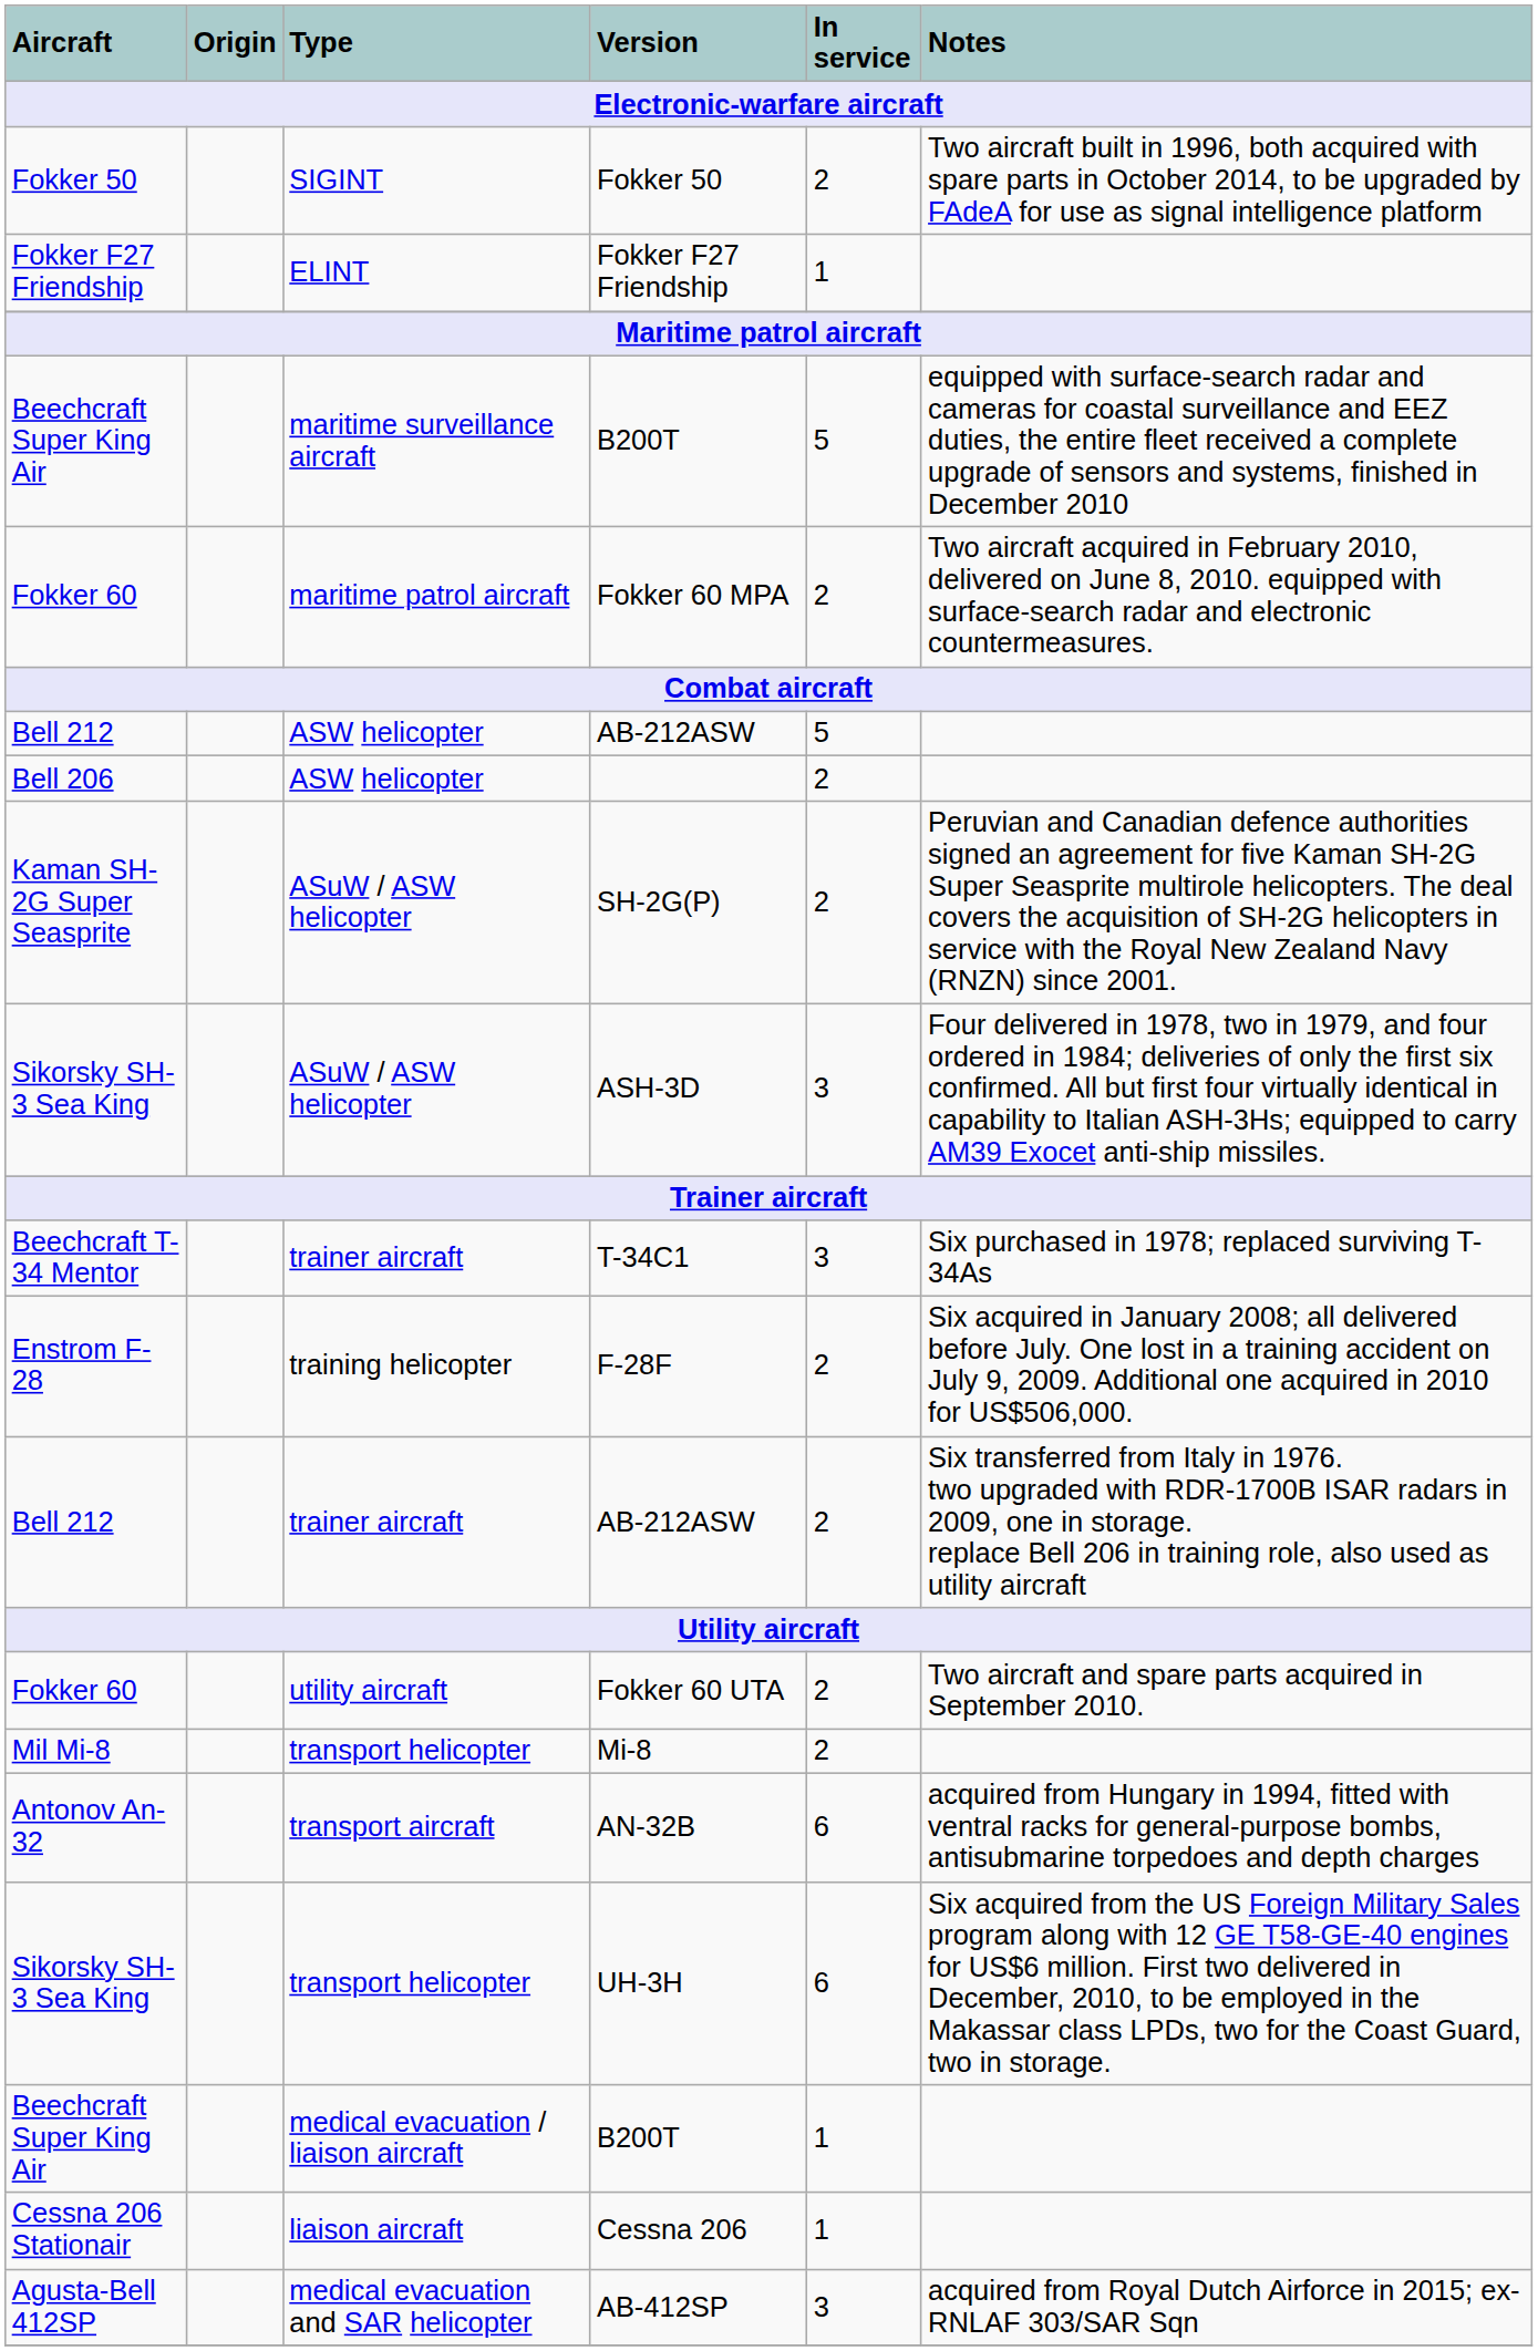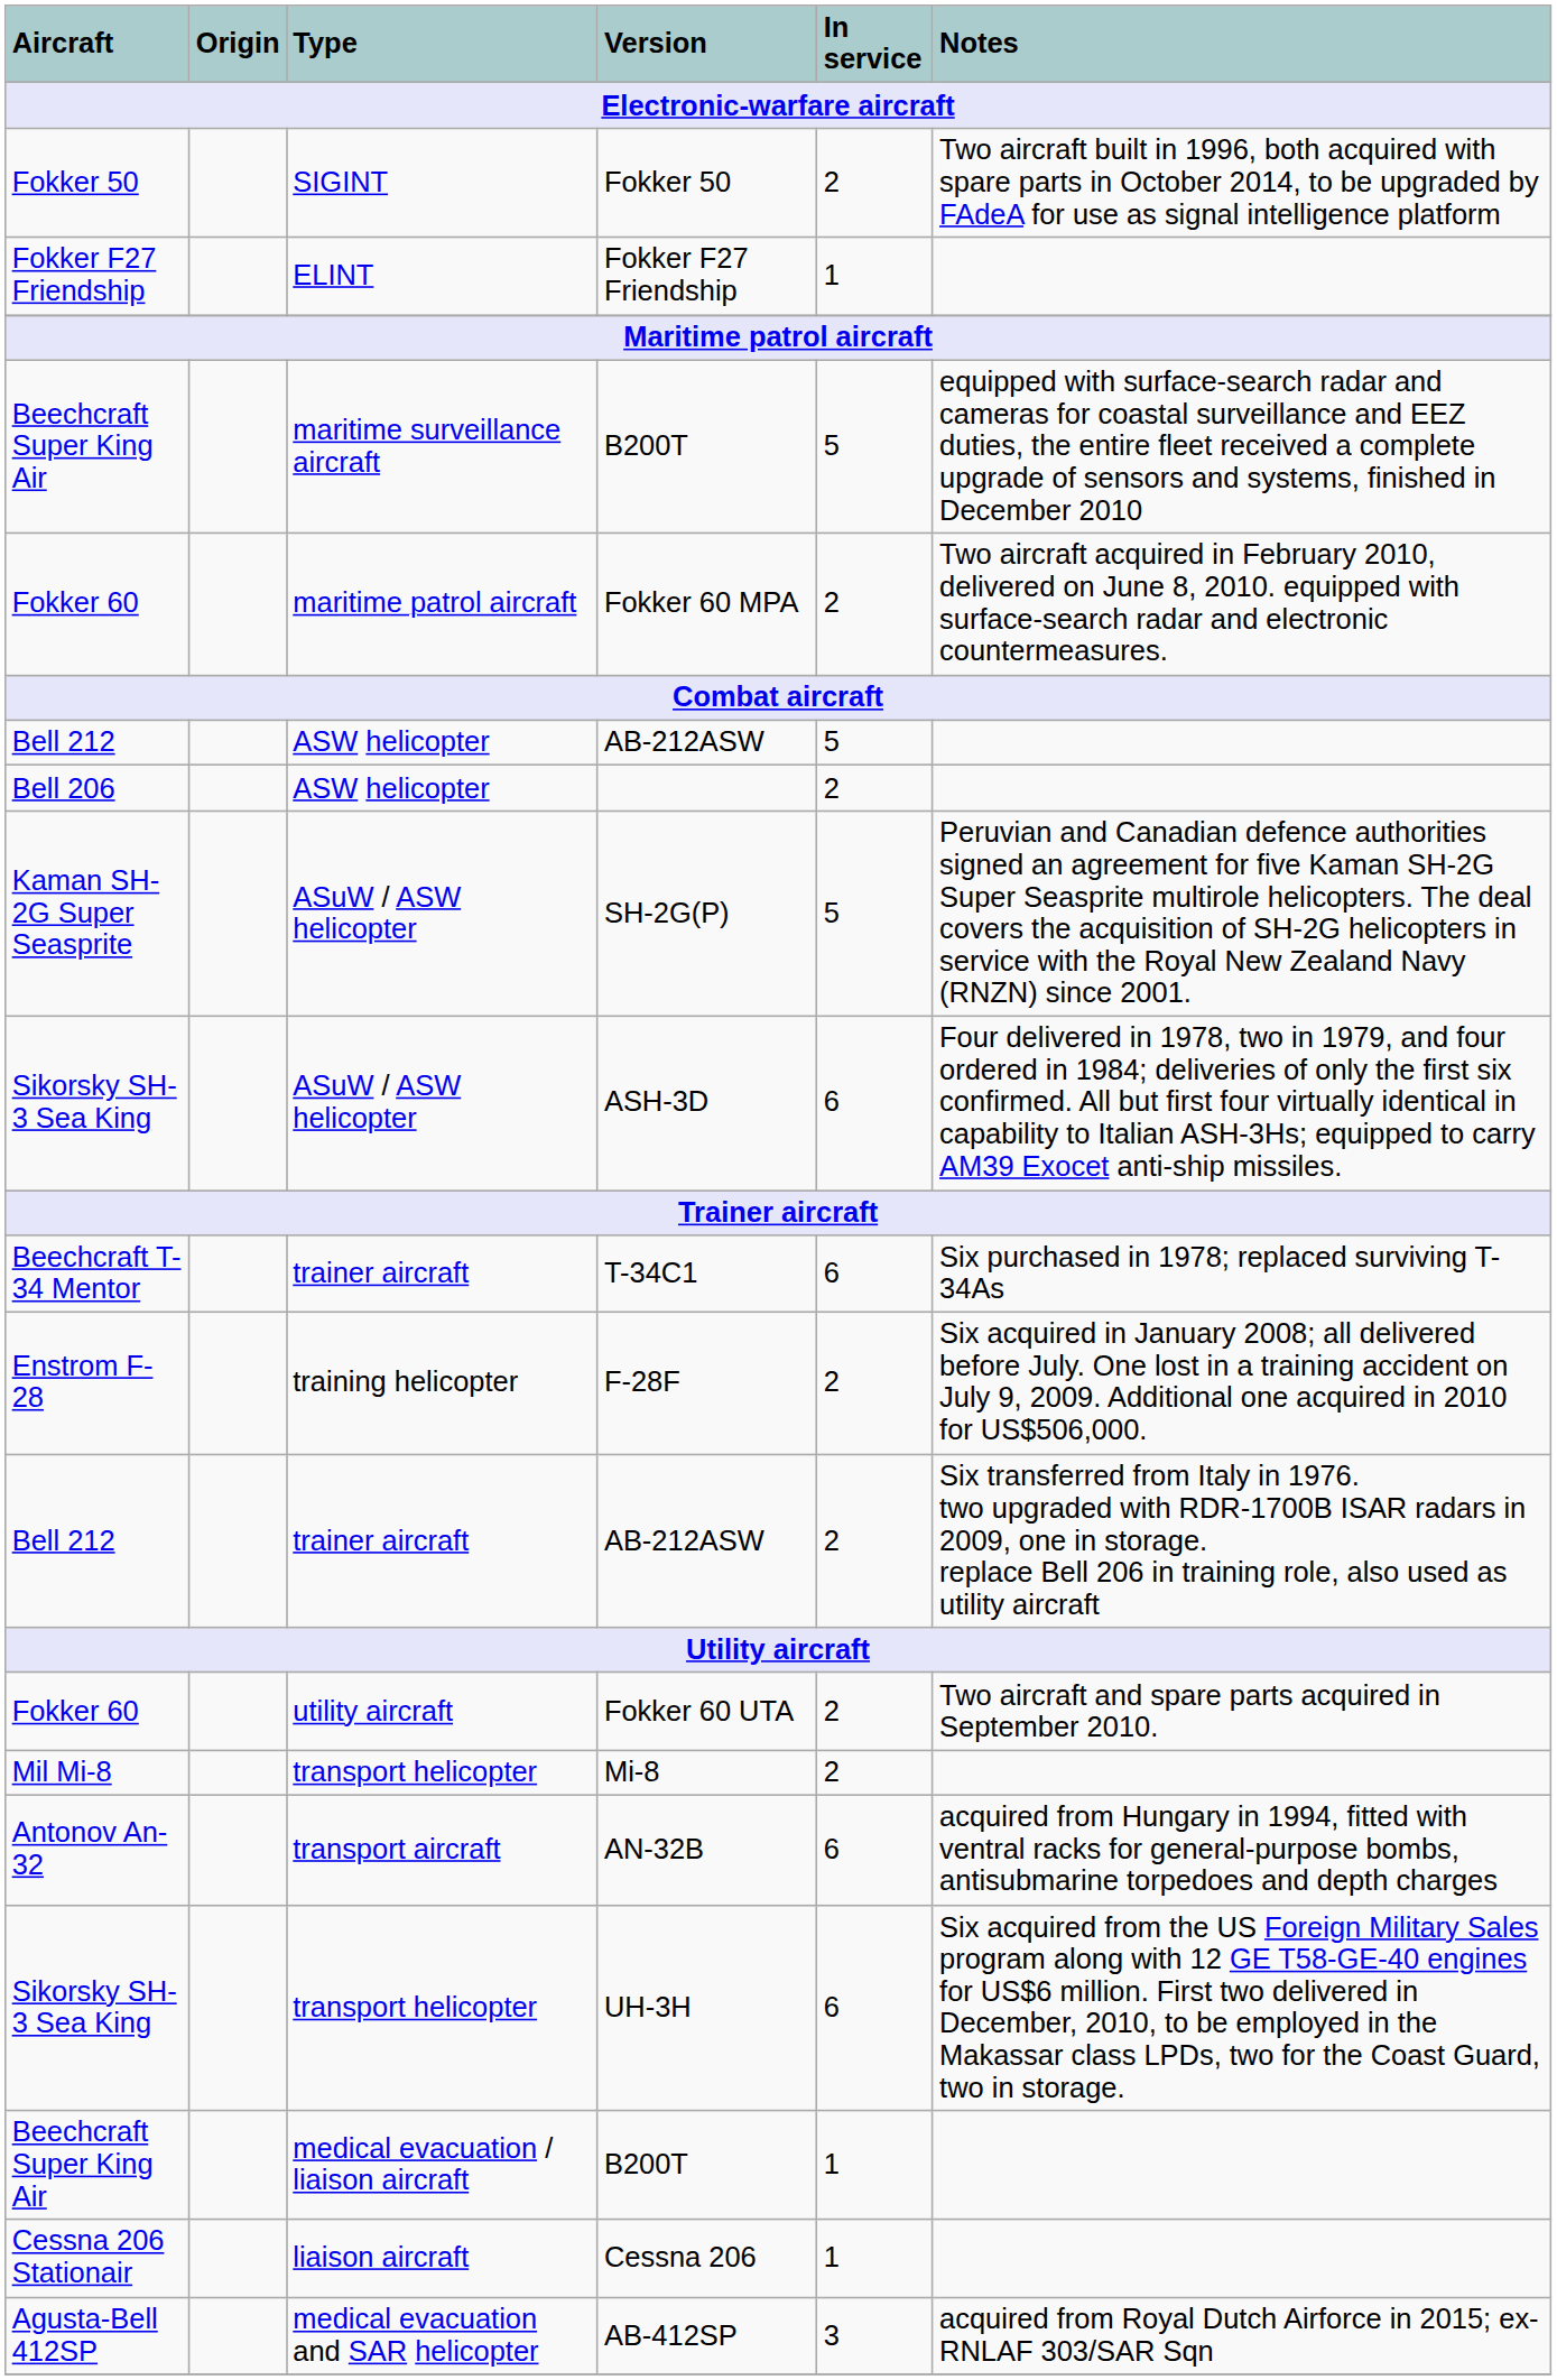 <table class="wikitable">
 <tr>
 <th style="text-align: left; background: #aacccc;">Aircraft</th>
 <th style="text-align: left; background: #aacccc;">Origin</th>
 <th style="text-align: left; background: #aacccc;">Type</th>
 <th style="text-align: left; background: #aacccc;">Version</th>
 <th style="text-align: left; background: #aacccc;">In service</th>
 <th style="text-align: left; background: #aacccc;">Notes</th>
 </tr>
 <tr ---->
 <th style="align: center; background: lavender;" colspan="7"><strong><a href='#'>Electronic-warfare aircraft</a></strong></th>
 </tr>
 <tr ---->
 <td><a href='#'>Fokker 50</a></td>
 <td></td>
 <td><a href='#'>SIGINT</a></td>
 <td>Fokker 50</td>
 <td>2</td>
 <td>Two aircraft built in 1996, both acquired with spare parts in October 2014, to be upgraded by <a href='#'>FAdeA</a> for use as signal intelligence platform</td>
 </tr>
 <tr>
 <td><a href='#'>Fokker F27 Friendship</a></td>
 <td></td>
 <td><a href='#'>ELINT</a></td>
 <td>Fokker F27 Friendship</td>
 <td>1</td>
 <td></td>
 </tr>
 <tr>
 </tr>
 <tr ---->
 <th style="align: center; background: lavender;" colspan="7"><strong><a href='#'>Maritime patrol aircraft</a></strong></th>
 </tr>
 <tr ---->
 <td><a href='#'>Beechcraft Super King Air</a></td>
 <td></td>
 <td><a href='#'>maritime surveillance aircraft</a></td>
 <td>B200T</td>
 <td>5</td>
 <td>equipped with surface-search radar and cameras for coastal surveillance and EEZ duties, the entire fleet received a complete upgrade of sensors and systems, finished in December 2010</td>
 </tr>
 <tr>
 <td><a href='#'>Fokker 60</a></td>
 <td></td>
 <td><a href='#'>maritime patrol aircraft</a></td>
 <td>Fokker 60 MPA</td>
 <td>2</td>
 <td>Two aircraft acquired in February 2010, delivered on June 8, 2010. equipped with surface-search radar and electronic countermeasures.</td>
 </tr>
 <tr ---->
 <th style="align: center; background: lavender;" colspan="7"><strong><a href='#'>Combat aircraft</a></strong></th>
 </tr>
 <tr>
 <td><a href='#'>Bell 212</a></td>
 <td></td>
 <td><a href='#'>ASW</a> <a href='#'>helicopter</a></td>
 <td>AB‑212ASW</td>
 <td>5</td>
 <td></td>
 </tr>
 <tr>
 <td><a href='#'>Bell 206</a></td>
 <td></td>
 <td><a href='#'>ASW</a> <a href='#'>helicopter</a></td>
 <td></td>
 <td>2</td>
 <td></td>
 </tr>
 <tr ---->
 <td><a href='#'>Kaman SH-2G Super Seasprite</a></td>
 <td></td>
 <td><a href='#'>ASuW</a> / <a href='#'>ASW</a> <a href='#'>helicopter</a></td>
 <td>SH-2G(P)</td>
-<td>2</td>
+<td>5</td>
 <td>Peruvian and Canadian defence authorities signed an agreement for five Kaman SH-2G Super Seasprite multirole helicopters. The deal covers the acquisition of SH-2G helicopters in service with the Royal New Zealand Navy (RNZN) since 2001.</td>
 </tr>
 <tr>
 <td><a href='#'>Sikorsky SH-3 Sea King</a></td>
 <td></td>
 <td><a href='#'>ASuW</a> / <a href='#'>ASW</a> <a href='#'>helicopter</a></td>
 <td>ASH-3D</td>
-<td>3</td>
+<td>6</td>
 <td>Four delivered in 1978, two in 1979, and four ordered in 1984; deliveries of only the first six confirmed. All but first four virtually identical in capability to Italian ASH-3Hs; equipped to carry <a href='#'>AM39 Exocet</a> anti-ship missiles.</td>
 </tr>
 <tr ---->
 <th style="align: center; background: lavender;" colspan="7"><strong><a href='#'>Trainer aircraft</a></strong></th>
 </tr>
 <tr ---->
 <td><a href='#'>Beechcraft T-34 Mentor</a></td>
 <td></td>
 <td><a href='#'>trainer aircraft</a></td>
 <td>T-34C1</td>
-<td>3</td>
+<td>6</td>
 <td>Six purchased in 1978; replaced surviving T-34As</td>
 </tr>
 <tr>
 <td><a href='#'>Enstrom F-28</a></td>
 <td></td>
 <td>training helicopter</td>
 <td>F-28F</td>
 <td>2</td>
 <td>Six acquired in January 2008; all delivered before July. One lost in a training accident on July 9, 2009. Additional one acquired in 2010 for US$506,000.</td>
 </tr>
 <tr>
 <td><a href='#'>Bell 212</a></td>
 <td></td>
 <td><a href='#'>trainer aircraft</a></td>
 <td>AB‑212ASW</td>
 <td>2</td>
 <td>Six transferred from Italy in 1976.<br>two upgraded with RDR-1700B ISAR radars in 2009, one in storage.<br>replace Bell 206 in training role, also used as utility aircraft</td>
 </tr>
 <tr ---->
 <th style="align: center; background: lavender;" colspan="7"><strong><a href='#'>Utility aircraft</a></strong></th>
 </tr>
 <tr ---->
 <td><a href='#'>Fokker 60</a></td>
 <td></td>
 <td><a href='#'>utility&nbsp;aircraft</a></td>
 <td>Fokker 60 UTA</td>
 <td>2</td>
 <td>Two aircraft and spare parts acquired in September 2010.</td>
 </tr>
 <tr>
 <td><a href='#'>Mil Mi-8</a></td>
 <td></td>
 <td><a href='#'>transport helicopter</a></td>
 <td>Mi-8</td>
 <td>2</td>
 <td></td>
 </tr>
 <tr>
 <td><a href='#'>Antonov An-32</a></td>
 <td></td>
 <td><a href='#'>transport aircraft</a></td>
 <td>AN-32B</td>
 <td>6</td>
 <td>acquired from Hungary in 1994, fitted with ventral racks for general-purpose bombs, antisubmarine torpedoes and depth charges</td>
 </tr>
 <tr>
 <td><a href='#'>Sikorsky SH-3 Sea King</a></td>
 <td></td>
 <td><a href='#'>transport helicopter</a></td>
 <td>UH-3H</td>
 <td>6</td>
 <td>Six acquired from the US <a href='#'>Foreign Military Sales</a> program along with 12 <a href='#'>GE T58-GE-40 engines</a> for US$6 million. First two delivered in December, 2010, to be employed in the Makassar class LPDs, two for the Coast Guard, two in storage.</td>
 </tr>
 <tr>
 <td><a href='#'>Beechcraft Super King Air</a></td>
 <td></td>
 <td><a href='#'>medical evacuation</a> / <a href='#'>liaison aircraft</a></td>
 <td>B200T</td>
 <td>1</td>
 <td></td>
 </tr>
 <tr>
 <td><a href='#'>Cessna 206 Stationair</a></td>
 <td></td>
 <td><a href='#'>liaison aircraft</a></td>
 <td>Cessna 206</td>
 <td>1</td>
 <td></td>
 </tr>
 <tr>
 <td><a href='#'>Agusta-Bell 412SP</a></td>
 <td></td>
 <td><a href='#'>medical evacuation</a> and <a href='#'>SAR</a> <a href='#'>helicopter</a></td>
 <td>AB-412SP</td>
 <td>3</td>
 <td>acquired from Royal Dutch Airforce in 2015; ex-RNLAF 303/SAR Sqn</td>
 </tr>
 <tr>
 </tr>
 </table>
